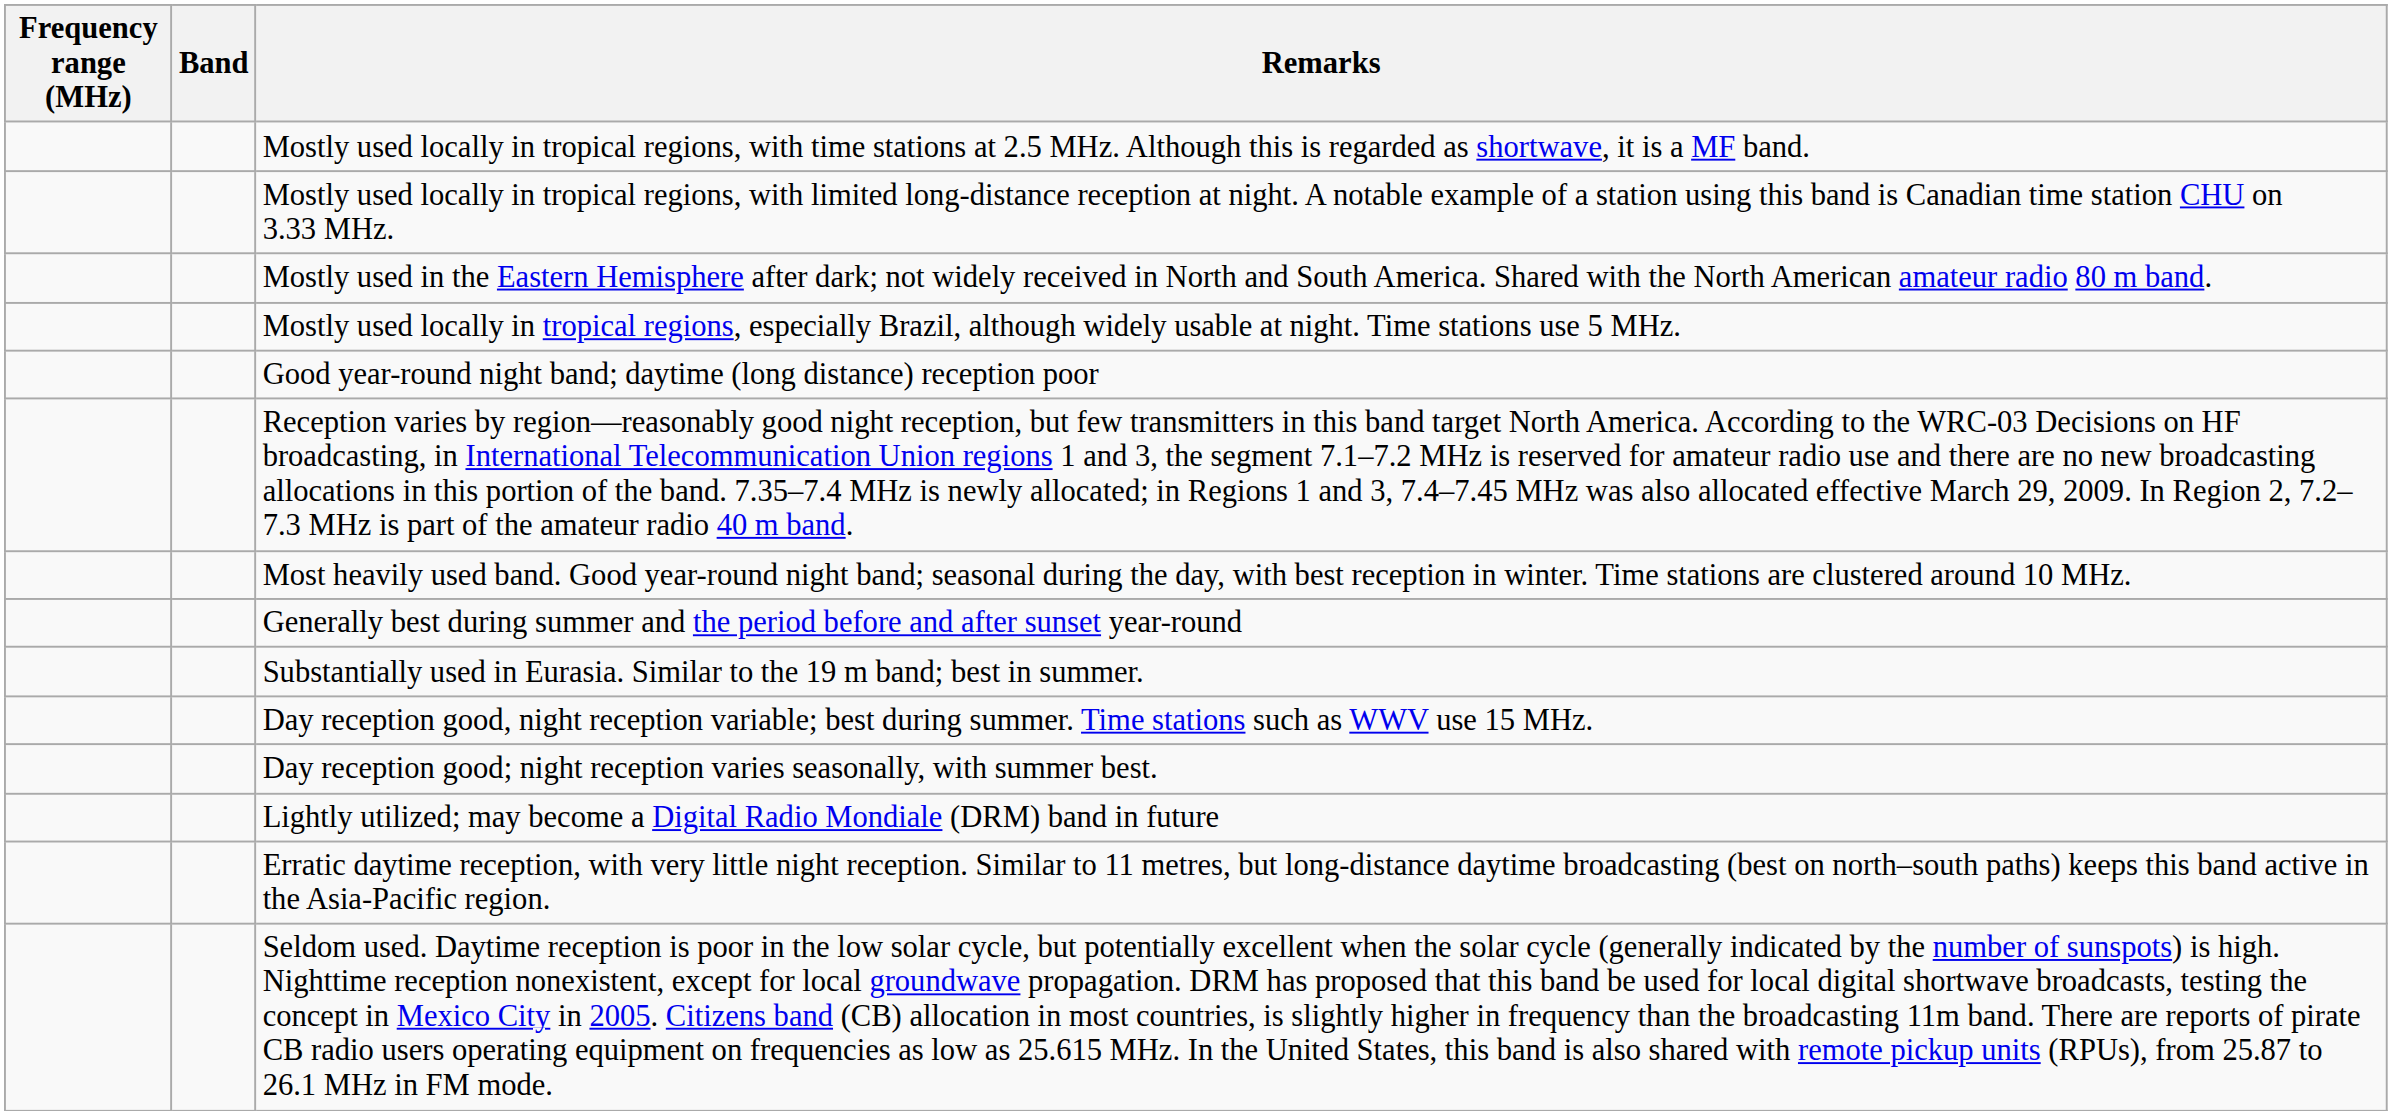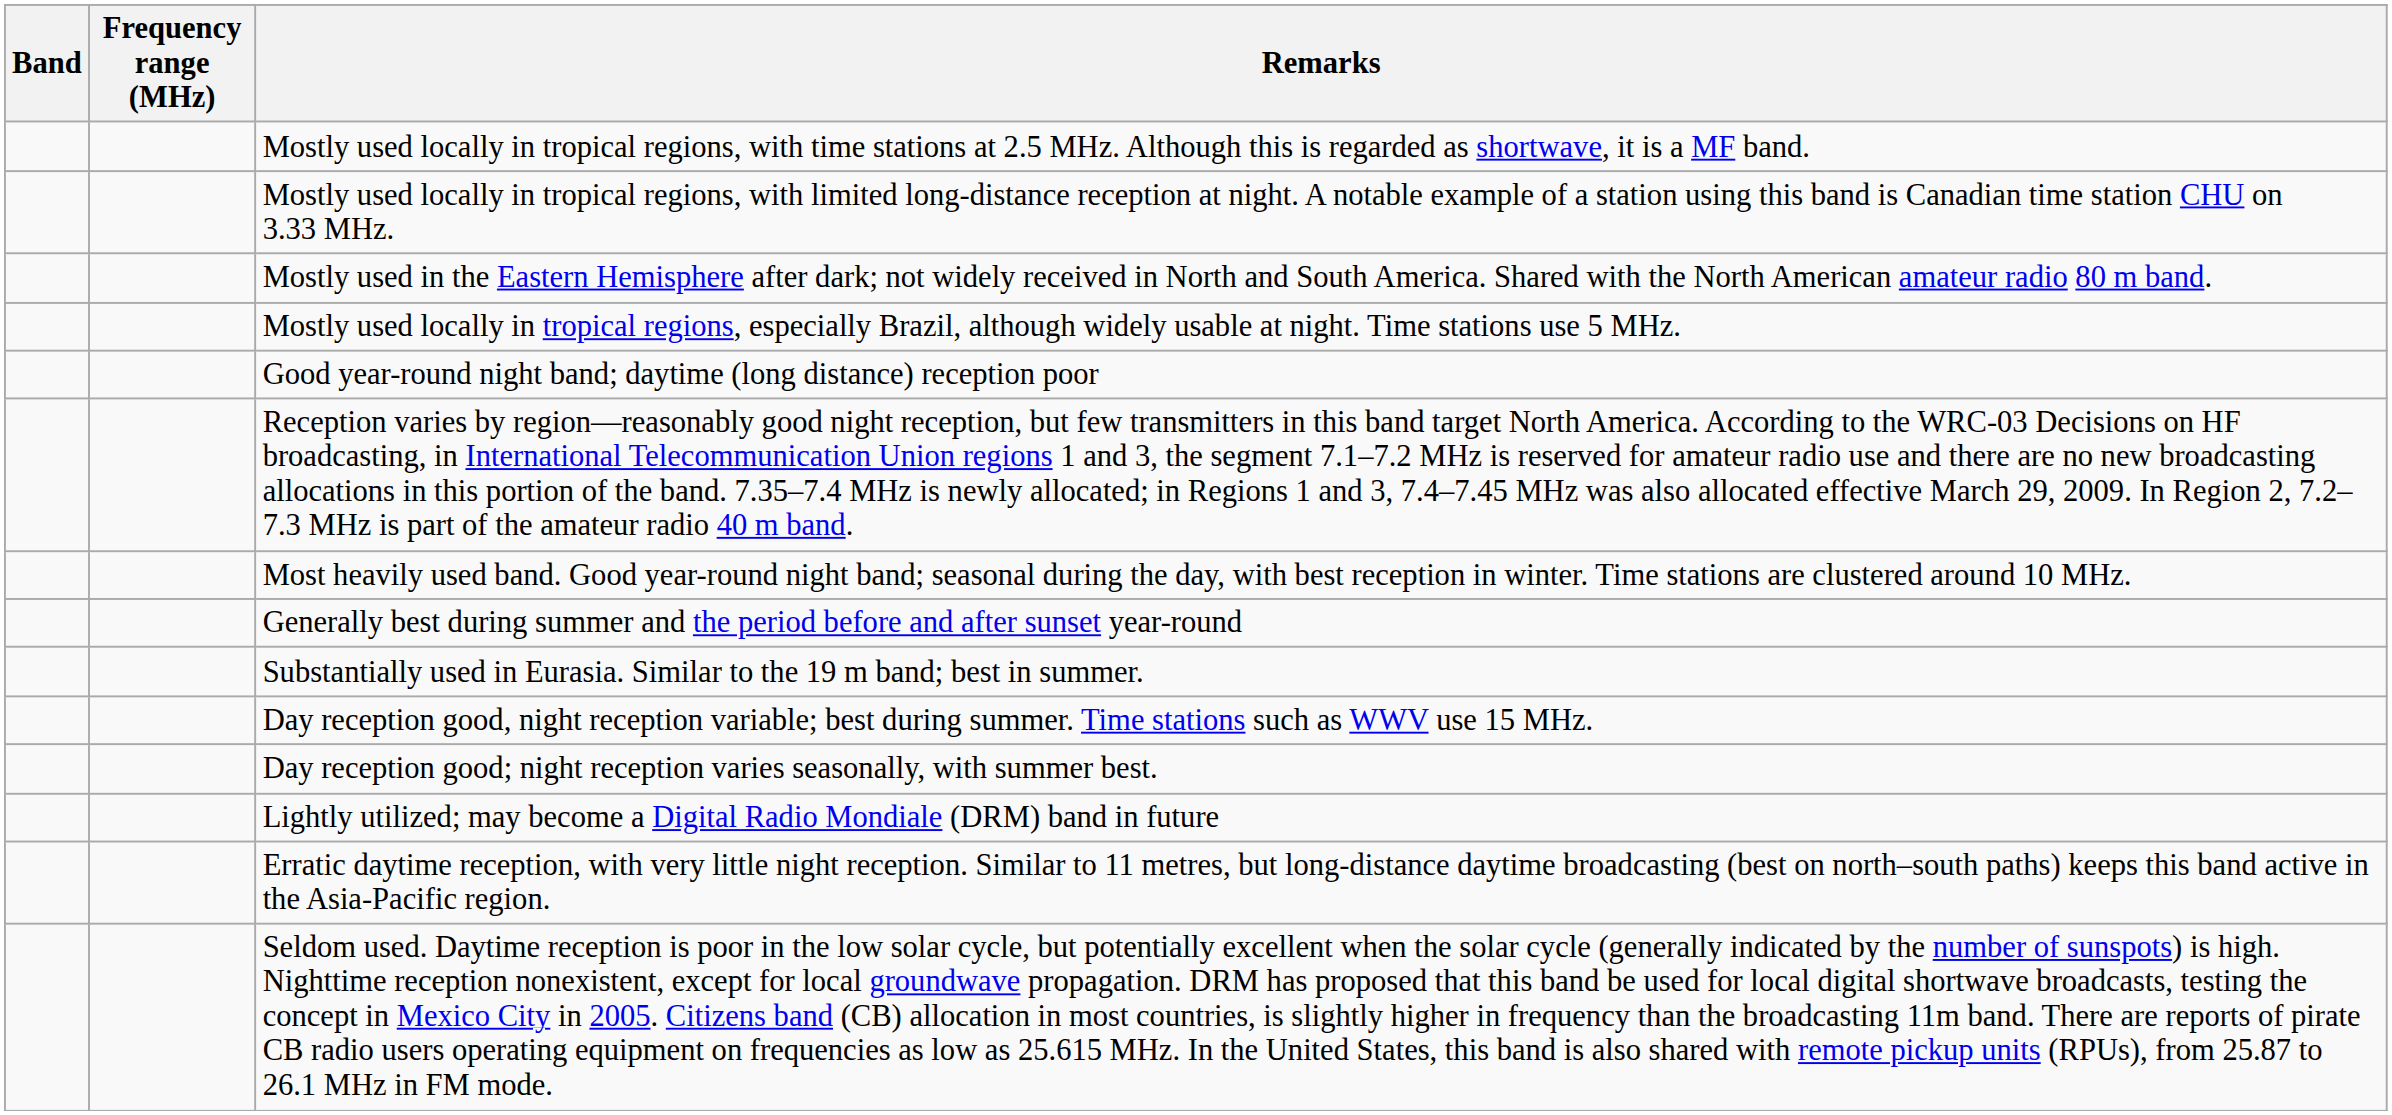 <table class="wikitable">
 <tr>
+<th>Band</th>
 <th style="text-align: center; width:80px;">Frequency range (MHz)</th>
-<th>Band</th>
 <th>Remarks</th>
 </tr>
 <tr>
 <td></td>
 <td></td>
 <td>Mostly used locally in tropical regions, with time stations at 2.5 MHz. Although this is regarded as <a href='#'>shortwave</a>, it is a <a href='#'>MF</a> band.</td>
 </tr>
 <tr>
 <td></td>
 <td></td>
 <td>Mostly used locally in tropical regions, with limited long-distance reception at night. A notable example of a station using this band is Canadian time station <a href='#'>CHU</a> on 3.33 MHz.</td>
 </tr>
 <tr>
 <td></td>
 <td></td>
 <td>Mostly used in the <a href='#'>Eastern Hemisphere</a> after dark; not widely received in North and South America.  Shared with the North American <a href='#'>amateur radio</a> <a href='#'>80 m band</a>.</td>
 </tr>
 <tr>
 <td></td>
 <td></td>
 <td>Mostly used locally in <a href='#'>tropical regions</a>, especially Brazil, although widely usable at night.  Time stations use 5 MHz.</td>
 </tr>
 <tr>
 <td></td>
 <td></td>
 <td>Good year-round night band; daytime (long distance) reception poor</td>
 </tr>
 <tr>
 <td></td>
 <td></td>
 <td>Reception varies by region—reasonably good night reception, but few transmitters in this band target North America. According to the WRC-03 Decisions on HF broadcasting, in <a href='#'>International Telecommunication Union regions</a> 1 and 3, the segment 7.1–7.2 MHz is reserved for amateur radio use and there are no new broadcasting allocations in this portion of the band. 7.35–7.4 MHz is newly allocated; in Regions 1 and 3, 7.4–7.45 MHz was also allocated effective March 29, 2009. In Region 2, 7.2–7.3 MHz is part of the amateur radio <a href='#'>40 m band</a>.</td>
 </tr>
 <tr>
 <td></td>
 <td></td>
 <td>Most heavily used band.  Good year-round night band; seasonal during the day, with best reception in winter. Time stations are clustered around 10 MHz.</td>
 </tr>
 <tr>
 <td></td>
 <td></td>
 <td>Generally best during summer and <a href='#'>the period before and after sunset</a> year-round</td>
 </tr>
 <tr>
 <td></td>
 <td></td>
 <td>Substantially used in Eurasia.  Similar to the 19 m band; best in summer.</td>
 </tr>
 <tr>
 <td></td>
 <td></td>
 <td>Day reception good, night reception variable; best during summer. <a href='#'>Time stations</a> such as <a href='#'>WWV</a> use 15 MHz.</td>
 </tr>
 <tr>
 <td></td>
 <td></td>
 <td>Day reception good; night reception varies seasonally, with summer best.</td>
 </tr>
 <tr>
 <td></td>
 <td></td>
 <td>Lightly utilized; may become a <a href='#'>Digital Radio Mondiale</a> (DRM) band in future</td>
 </tr>
 <tr>
 <td></td>
 <td></td>
 <td>Erratic daytime reception, with very little night reception. Similar to 11 metres, but long-distance daytime broadcasting (best on north–south paths) keeps this band active in the Asia-Pacific region.</td>
 </tr>
 <tr>
 <td></td>
 <td></td>
 <td>Seldom used. Daytime reception is poor in the low solar cycle, but potentially excellent when the solar cycle (generally indicated by the <a href='#'>number of sunspots</a>) is high. Nighttime reception nonexistent, except for local <a href='#'>groundwave</a> propagation. DRM has proposed that this band be used for local digital shortwave broadcasts, testing the concept in <a href='#'>Mexico City</a> in <a href='#'>2005</a>. <a href='#'>Citizens band</a> (CB) allocation in most countries, is slightly higher in frequency than the broadcasting 11m band.  There are reports of pirate CB radio users operating equipment on frequencies as low as 25.615 MHz.  In the United States, this band is also shared with <a href='#'>remote pickup units</a> (RPUs), from 25.87 to 26.1 MHz in FM mode.</td>
 </tr>
 </table>
